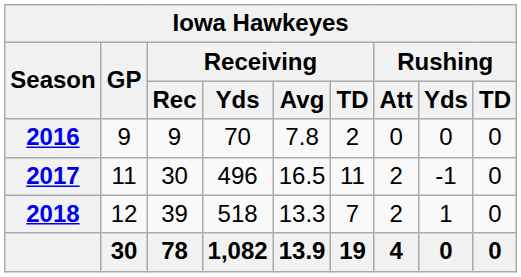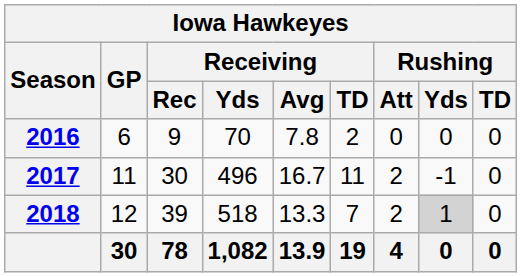 <table class=wikitable style="text-align:center;">
 <tr>
 <th colspan="10">Iowa Hawkeyes</th>
 </tr>
 <tr>
 <th rowspan="2">Season</th>
 <th rowspan="2">GP</th>
 <th colspan="4">Receiving</th>
 <th colspan="3">Rushing</th>
 </tr>
 <tr>
 <th>Rec</th>
 <th>Yds</th>
 <th>Avg</th>
 <th>TD</th>
 <th>Att</th>
 <th>Yds</th>
 <th>TD</th>
 </tr>
 <tr>
 <th><a href='#'>2016</a></th>
-<td>9</td>
+<td>6</td>
 <td>9</td>
 <td>70</td>
 <td>7.8</td>
 <td>2</td>
 <td>0</td>
 <td>0</td>
 <td>0</td>
 </tr>
 <tr>
 <th><a href='#'>2017</a></th>
 <td>11</td>
 <td>30</td>
 <td>496</td>
-<td>16.5</td>
+<td>16.7</td>
 <td>11</td>
 <td>2</td>
 <td>-1</td>
 <td>0</td>
 </tr>
 <tr>
 <th><a href='#'>2018</a></th>
 <td>12</td>
 <td>39</td>
 <td>518</td>
 <td>13.3</td>
 <td>7</td>
 <td>2</td>
-<td>1</td>
+<td style="background: lightgrey;">1</td>
 <td>0</td>
 </tr>
 <tr>
 <th></th>
 <th>30</th>
 <th>78</th>
 <th>1,082</th>
 <th>13.9</th>
 <th>19</th>
 <th>4</th>
 <th>0</th>
 <th>0</th>
 </tr>
 </table>
